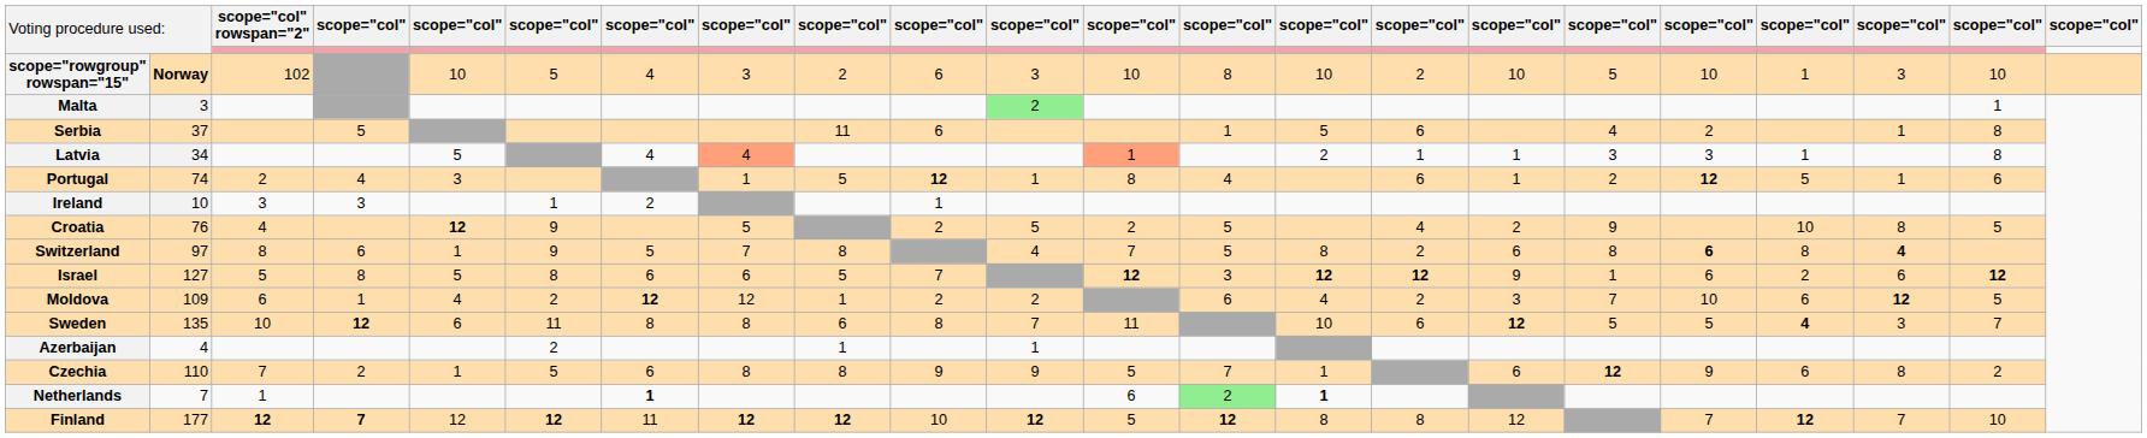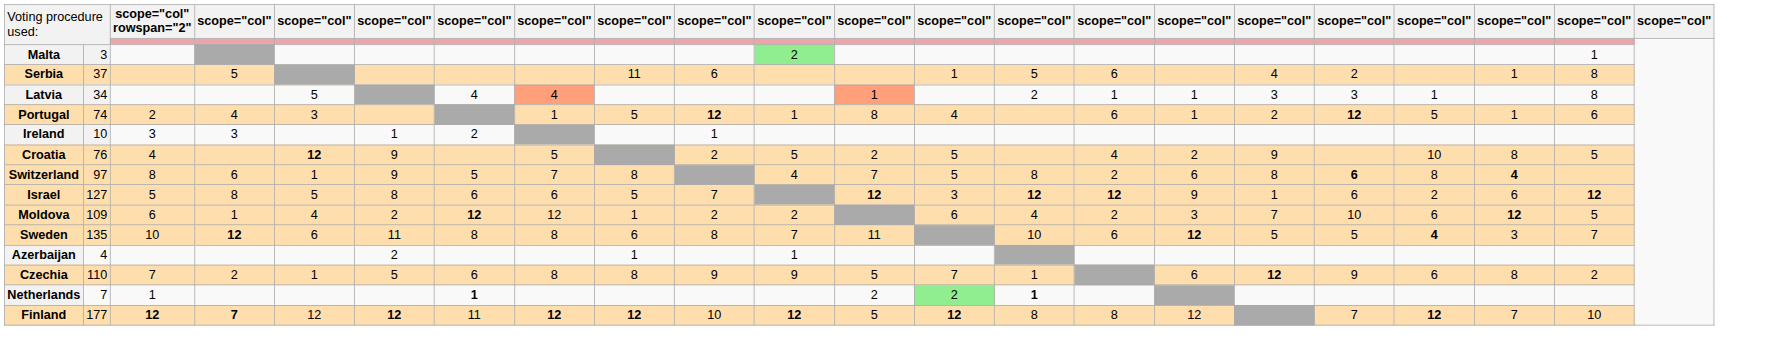 <table class="wikitable plainrowheaders" style="text-align: center;">
 <tr>
 <td colspan="2" rowspan="2" style="text-align: left; background: #F2F2F2;">Voting procedure used:<br></td>
 <th>scope="col" rowspan="2" </th>
 <th>scope="col" </th>
 <th>scope="col" </th>
 <th>scope="col" </th>
 <th>scope="col" </th>
 <th>scope="col" </th>
 <th>scope="col" </th>
 <th>scope="col" </th>
 <th>scope="col" </th>
 <th>scope="col" </th>
 <th>scope="col" </th>
 <th>scope="col" </th>
 <th>scope="col" </th>
 <th>scope="col" </th>
 <th>scope="col" </th>
 <th>scope="col" </th>
 <th>scope="col" </th>
 <th>scope="col" </th>
 <th>scope="col" </th>
 <th>scope="col" </th>
 </tr>
 <tr>
 <td style="background: #EFA4A9;"></td>
 <td style="background: #EFA4A9;"></td>
 <td style="background: #EFA4A9;"></td>
 <td style="background: #EFA4A9;"></td>
 <td style="background: #EFA4A9;"></td>
 <td style="background: #EFA4A9;"></td>
 <td style="background: #EFA4A9;"></td>
 <td style="background: #EFA4A9;"></td>
 <td style="background: #EFA4A9;"></td>
 <td style="background: #EFA4A9;"></td>
 <td style="background: #EFA4A9;"></td>
 <td style="background: #EFA4A9;"></td>
 <td style="background: #EFA4A9;"></td>
 <td style="background: #EFA4A9;"></td>
 <td style="background: #EFA4A9;"></td>
 <td style="background: #EFA4A9;"></td>
 <td style="background: #EFA4A9;"></td>
 <td style="background: #EFA4A9;"></td>
 <td style="background: #EFA4A9;"></td>
-</tr>
-<tr style="background:#ffdead;">
-<th>scope="rowgroup" rowspan="15" </th>
-<th scope="row" style="background:#ffdead;">Norway</th>
-<td style="text-align: right;">102</td>
-<td style="background: #aaa;"></td>
-<td>10</td>
-<td>5</td>
-<td>4</td>
-<td>3</td>
-<td>2</td>
-<td>6</td>
-<td>3</td>
-<td>10</td>
-<td>8</td>
-<td>10</td>
-<td>2</td>
-<td>10</td>
-<td>5</td>
-<td>10</td>
-<td>1</td>
-<td>3</td>
-<td>10</td>
-<td></td>
 </tr>
 <tr>
 <th scope="row" style="background: #f2f2f2;">Malta</th>
 <td style="text-align: right; background: #f2f2f2;">3</td>
 <td></td>
 <td style="background: #aaa;"></td>
 <td></td>
 <td></td>
 <td></td>
 <td></td>
 <td></td>
 <td></td>
 <td style="background: lightgreen;">2</td>
 <td></td>
 <td></td>
 <td></td>
 <td></td>
 <td></td>
 <td></td>
 <td></td>
 <td></td>
 <td></td>
 <td>1</td>
 </tr>
 <tr style="background:#ffdead;">
 <th scope="row" style="background:#ffdead;">Serbia</th>
 <td style="text-align: right;">37</td>
 <td></td>
 <td>5</td>
 <td style="background: #aaa;"></td>
 <td></td>
 <td></td>
 <td></td>
 <td>11</td>
 <td>6</td>
 <td></td>
 <td></td>
 <td>1</td>
 <td>5</td>
 <td>6</td>
 <td></td>
 <td>4</td>
 <td>2</td>
 <td></td>
 <td>1</td>
 <td>8</td>
 </tr>
 <tr>
 <th scope="row" style="background: #f2f2f2;">Latvia</th>
 <td style="text-align: right; background: #f2f2f2;">34</td>
 <td></td>
 <td></td>
 <td>5</td>
 <td style="background: #aaa;"></td>
 <td>4</td>
 <td style="background: lightsalmon;">4</td>
 <td></td>
 <td></td>
 <td></td>
 <td style="background: lightsalmon;">1</td>
 <td></td>
 <td>2</td>
 <td>1</td>
 <td>1</td>
 <td>3</td>
 <td>3</td>
 <td>1</td>
 <td></td>
 <td>8</td>
 </tr>
 <tr style="background:#ffdead;">
 <th scope="row" style="background:#ffdead;">Portugal</th>
 <td style="text-align: right;">74</td>
 <td>2</td>
 <td>4</td>
 <td>3</td>
 <td></td>
 <td style="background: #aaa;"></td>
 <td>1</td>
 <td>5</td>
 <td><strong>12</strong></td>
 <td>1</td>
 <td>8</td>
 <td>4</td>
 <td></td>
 <td>6</td>
 <td>1</td>
 <td>2</td>
 <td><strong>12</strong></td>
 <td>5</td>
 <td>1</td>
 <td>6</td>
 </tr>
 <tr>
 <th scope="row" style="background: #f2f2f2;">Ireland</th>
 <td style="text-align: right; background: #f2f2f2;">10</td>
 <td>3</td>
 <td>3</td>
 <td></td>
 <td>1</td>
 <td>2</td>
 <td style="background: #aaa;"></td>
 <td></td>
 <td>1</td>
 <td></td>
 <td></td>
 <td></td>
 <td></td>
 <td></td>
 <td></td>
 <td></td>
 <td></td>
 <td></td>
 <td></td>
 <td></td>
 </tr>
 <tr style="background:#ffdead;">
 <th scope="row" style="background:#ffdead;">Croatia</th>
 <td style="text-align: right;">76</td>
 <td>4</td>
 <td></td>
 <td><strong>12</strong></td>
 <td>9</td>
 <td></td>
 <td>5</td>
 <td style="background: #aaa;"></td>
 <td>2</td>
 <td>5</td>
 <td>2</td>
 <td>5</td>
 <td></td>
 <td>4</td>
 <td>2</td>
 <td>9</td>
 <td></td>
 <td>10</td>
 <td>8</td>
 <td>5</td>
 </tr>
 <tr style="background:#ffdead;">
 <th scope="row" style="background:#ffdead;">Switzerland</th>
 <td style="text-align: right;">97</td>
 <td>8</td>
 <td>6</td>
 <td>1</td>
 <td>9</td>
 <td>5</td>
 <td>7</td>
 <td>8</td>
 <td style="background: #aaa;"></td>
 <td>4</td>
 <td>7</td>
 <td>5</td>
 <td>8</td>
 <td>2</td>
 <td>6</td>
 <td>8</td>
 <td><strong>6</strong></td>
 <td>8</td>
 <td><strong>4</strong></td>
 <td></td>
 </tr>
 <tr style="background:#ffdead;">
 <th scope="row" style="background:#ffdead;">Israel</th>
 <td style="text-align: right;">127</td>
 <td>5</td>
 <td>8</td>
 <td>5</td>
 <td>8</td>
 <td>6</td>
 <td>6</td>
 <td>5</td>
 <td>7</td>
 <td style="background: #aaa;"></td>
 <td><strong>12</strong></td>
 <td>3</td>
 <td><strong>12</strong></td>
 <td><strong>12</strong></td>
 <td>9</td>
 <td>1</td>
 <td>6</td>
 <td>2</td>
 <td>6</td>
 <td><strong>12</strong></td>
 </tr>
 <tr style="background:#ffdead;">
 <th scope="row" style="background:#ffdead;">Moldova</th>
 <td style="text-align: right;">109</td>
 <td>6</td>
 <td>1</td>
 <td>4</td>
 <td>2</td>
 <td><strong>12</strong></td>
 <td>12</td>
 <td>1</td>
 <td>2</td>
 <td>2</td>
 <td style="background: #aaa;"></td>
 <td>6</td>
 <td>4</td>
 <td>2</td>
 <td>3</td>
 <td>7</td>
 <td>10</td>
 <td>6</td>
 <td><strong>12</strong></td>
 <td>5</td>
 </tr>
 <tr style="background:#ffdead;">
 <th scope="row" style="background:#ffdead;">Sweden</th>
 <td style="text-align: right;">135</td>
 <td>10</td>
 <td><strong>12</strong></td>
 <td>6</td>
 <td>11</td>
 <td>8</td>
 <td>8</td>
 <td>6</td>
 <td>8</td>
 <td>7</td>
 <td>11</td>
 <td style="background: #aaa;"></td>
 <td>10</td>
 <td>6</td>
 <td><strong>12</strong></td>
 <td>5</td>
 <td>5</td>
 <td><strong>4</strong></td>
 <td>3</td>
 <td>7</td>
 </tr>
 <tr>
 <th scope="row" style="background: #f2f2f2;">Azerbaijan</th>
 <td style="text-align: right;">4</td>
 <td></td>
 <td></td>
 <td></td>
 <td>2</td>
 <td></td>
 <td></td>
 <td>1</td>
 <td></td>
 <td>1</td>
 <td></td>
 <td></td>
 <td style="background: #aaa;"></td>
 <td></td>
 <td></td>
 <td></td>
 <td></td>
 <td></td>
 <td></td>
 <td></td>
 </tr>
 <tr style="background:#ffdead;">
 <th scope="row" style="background:#ffdead;">Czechia</th>
 <td style="text-align: right;">110</td>
 <td>7</td>
 <td>2</td>
 <td>1</td>
 <td>5</td>
 <td>6</td>
 <td>8</td>
 <td>8</td>
 <td>9</td>
 <td>9</td>
 <td>5</td>
 <td>7</td>
 <td>1</td>
 <td style="background: #aaa;"></td>
 <td>6</td>
 <td><strong>12</strong></td>
 <td>9</td>
 <td>6</td>
 <td>8</td>
 <td>2</td>
 </tr>
 <tr>
 <th scope="row" style="background: #f2f2f2;">Netherlands</th>
 <td style="text-align: right;">7</td>
 <td>1</td>
 <td></td>
 <td></td>
 <td></td>
 <td><strong>1</strong></td>
 <td></td>
 <td></td>
 <td></td>
 <td></td>
-<td>6</td>
+<td>2</td>
 <td style="background: lightgreen;">2</td>
 <td><strong>1</strong></td>
 <td></td>
 <td style="background: #aaa;"></td>
 <td></td>
 <td></td>
 <td></td>
 <td></td>
 <td></td>
 </tr>
 <tr style="background:#ffdead;">
 <th scope="row" style="background:#ffdead;">Finland</th>
 <td style="text-align: right;">177</td>
 <td><strong>12</strong></td>
 <td><strong>7</strong></td>
 <td>12</td>
 <td><strong>12</strong></td>
 <td>11</td>
 <td><strong>12</strong></td>
 <td><strong>12</strong></td>
 <td>10</td>
 <td><strong>12</strong></td>
 <td>5</td>
 <td><strong>12</strong></td>
 <td>8</td>
 <td>8</td>
 <td>12</td>
 <td style="background: #aaa;"></td>
 <td>7</td>
 <td><strong>12</strong></td>
 <td>7</td>
 <td>10</td>
 </tr>
 </table>
